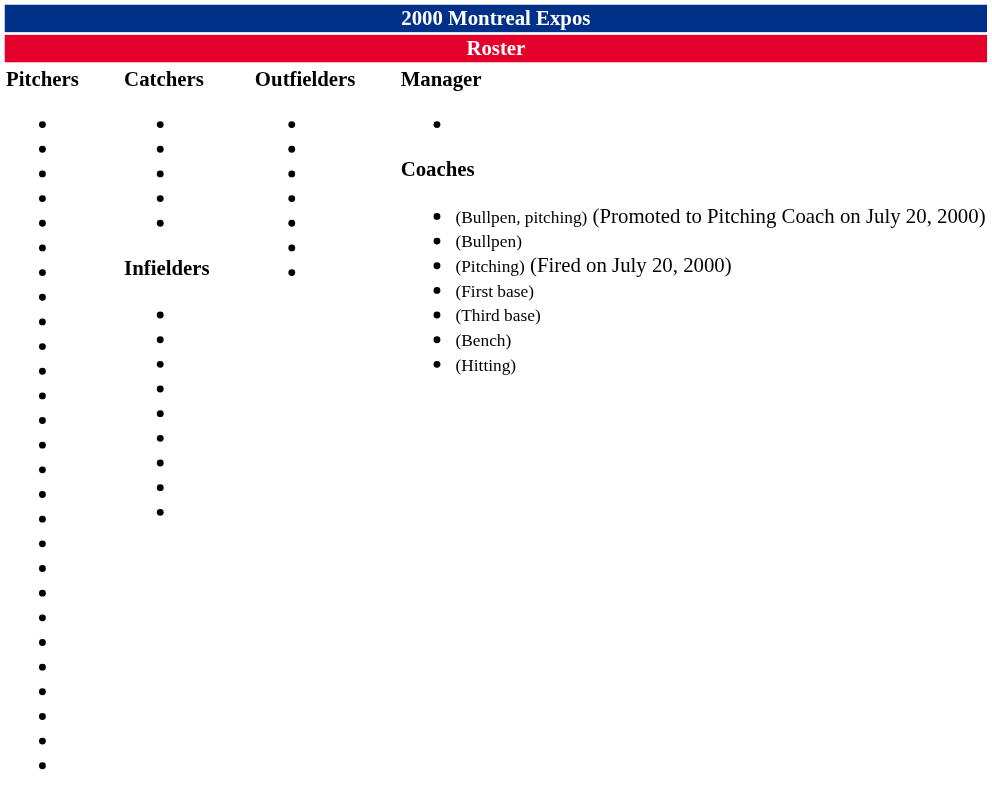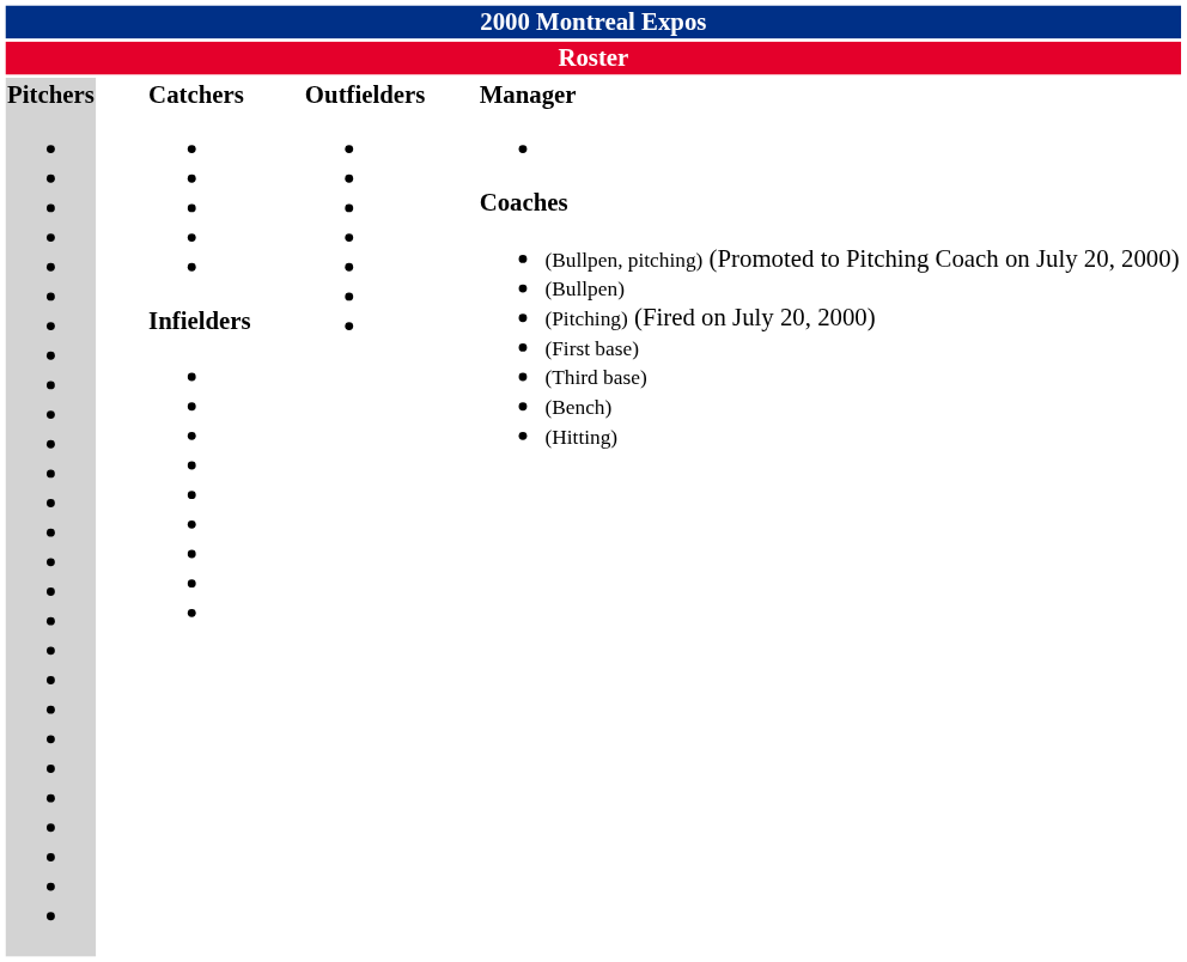 <table class="toccolours" style="font-size: 95%;">
 <tr>
 <th colspan="10" style="background-color: #003087; color: #FFFFFF; text-align: center;">2000 Montreal Expos</th>
 </tr>
 <tr>
 <td colspan="10" style="background-color: #E4002B; color: #FFFFFF; text-align: center;"><strong>Roster</strong></td>
 </tr>
 <tr>
-<td valign="top"><strong>Pitchers</strong><br><ul><li></li><li></li><li></li><li></li><li></li><li></li><li></li><li></li><li></li><li></li><li></li><li></li><li></li><li></li><li></li><li></li><li></li><li></li><li></li><li></li><li></li><li></li><li></li><li></li><li></li><li></li><li></li></ul></td>
+<td valign="top" style="background: lightgrey;"><strong>Pitchers</strong><br><ul><li></li><li></li><li></li><li></li><li></li><li></li><li></li><li></li><li></li><li></li><li></li><li></li><li></li><li></li><li></li><li></li><li></li><li></li><li></li><li></li><li></li><li></li><li></li><li></li><li></li><li></li><li></li></ul></td>
 <td width="25px"></td>
 <td valign="top"><strong>Catchers</strong><br><ul><li></li><li></li><li></li><li></li><li></li></ul><strong>Infielders</strong><ul><li></li><li></li><li></li><li></li><li></li><li></li><li></li><li></li><li></li></ul></td>
 <td width="25px"></td>
 <td valign="top"><strong>Outfielders</strong><br><ul><li></li><li></li><li></li><li></li><li></li><li></li><li></li></ul></td>
 <td width="25px"></td>
 <td valign="top"><strong>Manager</strong><br><ul><li></li></ul><strong>Coaches</strong><ul><li> <small>(Bullpen, pitching)</small> (Promoted to Pitching Coach on July 20, 2000)</li><li> <small>(Bullpen)</small></li><li> <small>(Pitching)</small> (Fired on July 20, 2000)</li><li> <small>(First base)</small></li><li> <small>(Third base)</small></li><li> <small>(Bench)</small></li><li> <small>(Hitting)</small></li></ul></td>
 </tr>
 </table>
